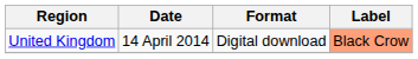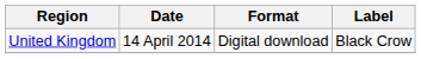 <table class=wikitable>
 <tr>
 <th>Region</th>
 <th>Date</th>
 <th>Format</th>
 <th>Label</th>
 </tr>
 <tr>
 <td><a href='#'>United Kingdom</a></td>
 <td>14 April 2014</td>
 <td>Digital download</td>
-<td style="background: lightsalmon;">Black Crow</td>
+<td>Black Crow</td>
 </tr>
 <tr>
 </tr>
 </table>
